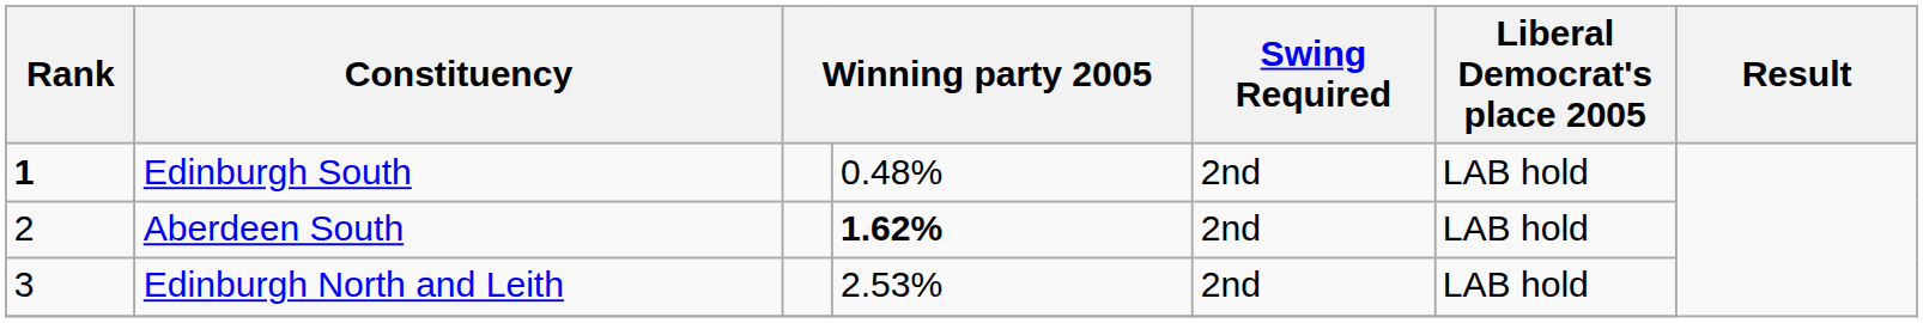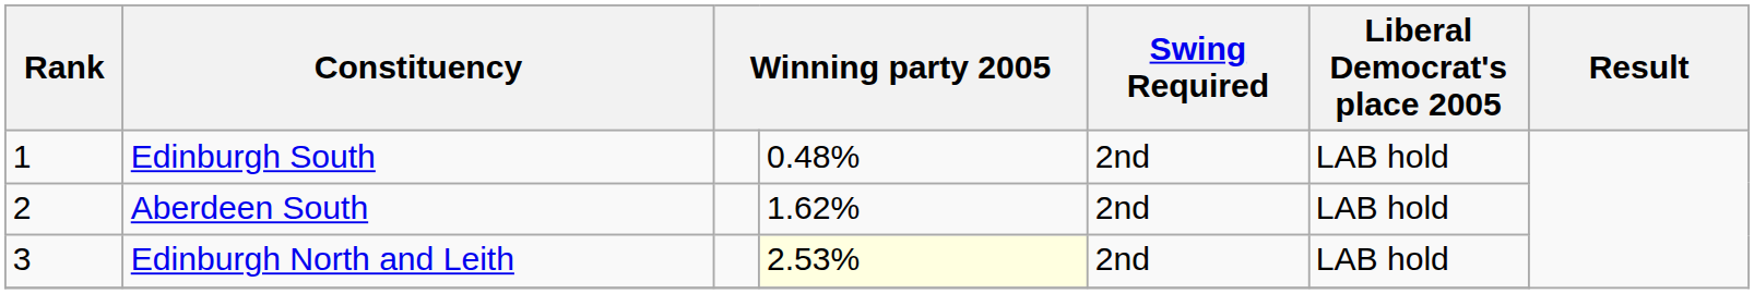 <table class="wikitable">
 <tr>
 <th width="50px">Rank</th>
 <th width=280>Constituency</th>
 <th colspan=2 width="175px">Winning party 2005</th>
 <th width="100px"><a href='#'>Swing</a> Required</th>
 <th width="100px">Liberal Democrat's place 2005</th>
 <th width="100px">Result</th>
 </tr>
 <tr>
-<td><strong>1</strong></td>
+<td>1</td>
 <td><a href='#'>Edinburgh South</a></td>
 <td></td>
 <td>0.48%</td>
 <td>2nd</td>
 <td>LAB hold</td>
 </tr>
 <tr>
 <td>2</td>
 <td><a href='#'>Aberdeen South</a></td>
 <td></td>
-<td><strong>1.62%</strong></td>
+<td>1.62%</td>
 <td>2nd</td>
 <td>LAB hold</td>
 </tr>
 <tr>
 <td>3</td>
 <td><a href='#'>Edinburgh North and Leith</a></td>
 <td></td>
-<td>2.53%</td>
+<td style="background: lightyellow;">2.53%</td>
 <td>2nd</td>
 <td>LAB hold</td>
 </tr>
 <tr>
 </tr>
 </table>
